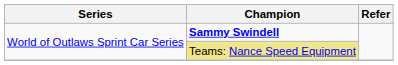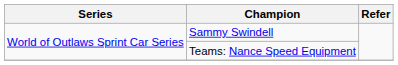 <table class="wikitable" style="font-size:87%;">
 <tr>
 <th>Series</th>
 <th>Champion</th>
 <th>Refer</th>
 </tr>
 <tr>
 <td rowspan=2><a href='#'>World of Outlaws Sprint Car Series</a></td>
-<td><strong> <a href='#'>Sammy Swindell</a></strong></td>
+<td> <a href='#'>Sammy Swindell</a></td>
 <td rowspan=2></td>
 </tr>
 <tr>
-<td style="background: khaki;">Teams:  <a href='#'>Nance Speed Equipment</a></td>
+<td>Teams:  <a href='#'>Nance Speed Equipment</a></td>
 </tr>
 <tr>
 </tr>
 </table>
